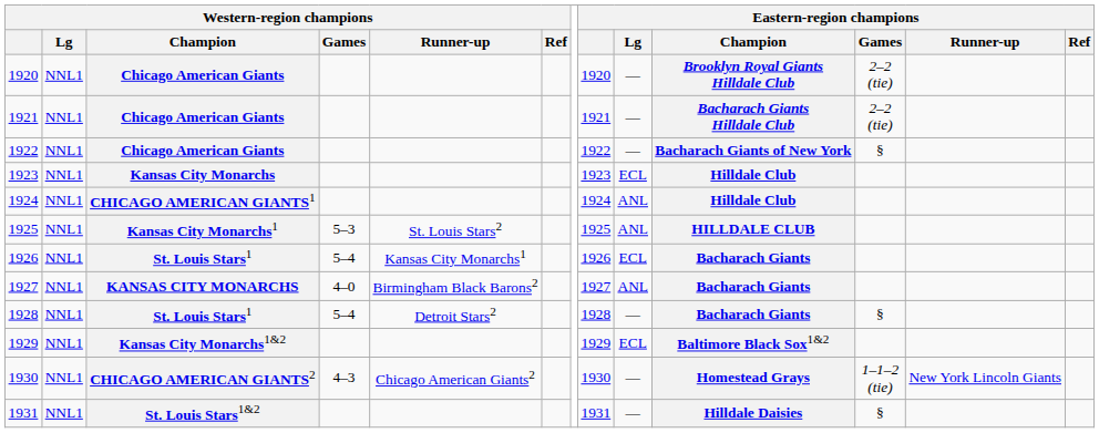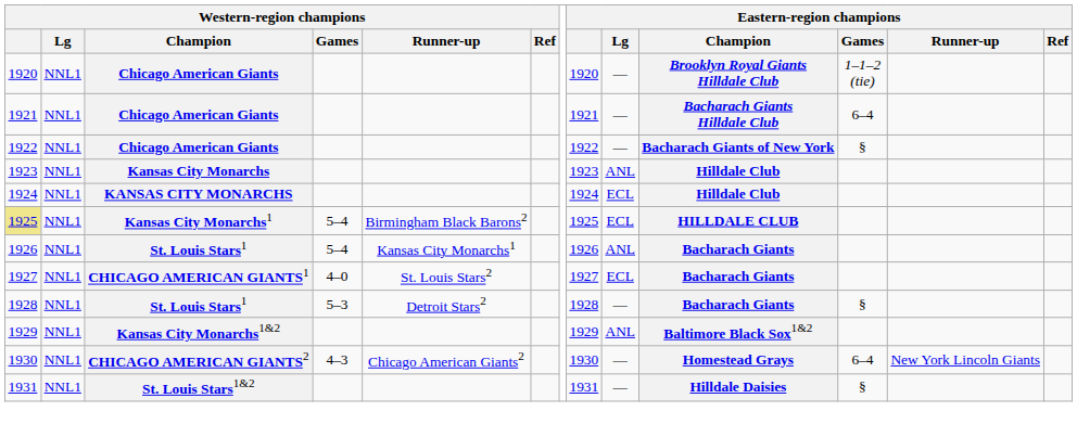 <table class="wikitable" style="text-align:center; font-size:90%;">
 <tr>
 <th colspan="6">Western-region champions</th>
 <th rowspan="14" style="background: #ffffff;"></th>
 <th colspan="6">Eastern-region champions</th>
 </tr>
 <tr>
 <th></th>
 <th>Lg</th>
 <th>Champion</th>
 <th>Games</th>
 <th>Runner-up</th>
 <th>Ref</th>
 <th></th>
 <th>Lg</th>
 <th>Champion</th>
 <th>Games</th>
 <th>Runner-up</th>
 <th>Ref</th>
 </tr>
 <tr>
 <td><a href='#'>1920</a></td>
 <td><a href='#'>NNL1</a></td>
 <td bgcolor=#f2f2f2><strong><a href='#'>Chicago American Giants</a></strong></td>
 <td></td>
 <td></td>
 <td></td>
 <td><a href='#'>1920</a></td>
 <td>—</td>
 <td bgcolor=#f2f2f2><strong><em><a href='#'>Brooklyn Royal Giants</a></em></strong><br><strong><em><a href='#'>Hilldale Club</a></em></strong></td>
-<td><em>2–2</em><br><em>(tie)</em></td>
+<td><em>1–1–2</em><br><em>(tie)</em></td>
 <td></td>
 <td></td>
 </tr>
 <tr>
 <td><a href='#'>1921</a></td>
 <td><a href='#'>NNL1</a></td>
 <td bgcolor=#f2f2f2><strong><a href='#'>Chicago American Giants</a></strong></td>
 <td></td>
 <td></td>
 <td></td>
 <td><a href='#'>1921</a></td>
 <td>—</td>
 <td bgcolor=#f2f2f2><strong><em><a href='#'>Bacharach Giants</a></em></strong><br><strong><em><a href='#'>Hilldale Club</a></em></strong></td>
-<td><em>2–2</em><br><em>(tie)</em></td>
+<td>6–4</td>
 <td></td>
 <td></td>
 </tr>
 <tr>
 <td><a href='#'>1922</a></td>
 <td><a href='#'>NNL1</a></td>
 <td bgcolor=#f2f2f2><span><strong><a href='#'>Chicago American Giants</a></strong></span></td>
 <td></td>
 <td></td>
 <td></td>
 <td><a href='#'>1922</a></td>
 <td>—</td>
 <td bgcolor=#f2f2f2><span><strong><a href='#'>Bacharach Giants of New York</a></strong></span></td>
 <td>§</td>
 <td></td>
 <td></td>
 </tr>
 <tr>
 <td><a href='#'>1923</a></td>
 <td><a href='#'>NNL1</a></td>
 <td bgcolor=#f2f2f2><strong><a href='#'>Kansas City Monarchs</a></strong></td>
 <td></td>
 <td></td>
 <td></td>
 <td><a href='#'>1923</a></td>
-<td><a href='#'>ECL</a></td>
+<td><a href='#'>ANL</a></td>
 <td bgcolor=#f2f2f2><strong><a href='#'>Hilldale Club</a></strong></td>
 <td></td>
 <td></td>
 <td></td>
 </tr>
 <tr>
 <td><a href='#'>1924</a></td>
 <td><a href='#'>NNL1</a></td>
-<td bgcolor=#f2f2f2><span><strong><a href='#'>CHICAGO AMERICAN GIANTS</a></strong></span><sup>1</sup></td>
+<td bgcolor=#f2f2f2><span><strong><a href='#'>KANSAS CITY MONARCHS</a></strong></span></td>
 <td></td>
 <td></td>
 <td></td>
 <td><a href='#'>1924</a></td>
-<td><a href='#'>ANL</a></td>
+<td><a href='#'>ECL</a></td>
 <td bgcolor=#f2f2f2><span><strong><a href='#'>Hilldale Club</a></strong></span></td>
 <td></td>
 <td></td>
 <td></td>
 </tr>
 <tr>
-<td><a href='#'>1925</a></td>
+<td style="background: khaki;"><a href='#'>1925</a></td>
 <td><a href='#'>NNL1</a></td>
 <td bgcolor=#f2f2f2><span><strong><a href='#'>Kansas City Monarchs</a></strong></span><sup>1</sup></td>
-<td>5–3</td>
-<td><a href='#'>St. Louis Stars</a><sup>2</sup></td>
+<td>5–4</td>
+<td><a href='#'>Birmingham Black Barons</a><sup>2</sup></td>
 <td></td>
 <td><a href='#'>1925</a></td>
-<td><a href='#'>ANL</a></td>
+<td><a href='#'>ECL</a></td>
 <td bgcolor=#f2f2f2><span><strong><a href='#'>HILLDALE CLUB</a></strong></span></td>
 <td></td>
 <td></td>
 <td></td>
 </tr>
 <tr>
 <td><a href='#'>1926</a></td>
 <td><a href='#'>NNL1</a></td>
 <td bgcolor=#f2f2f2><strong><a href='#'>St. Louis Stars</a></strong><sup>1</sup></td>
 <td>5–4</td>
 <td><a href='#'>Kansas City Monarchs</a><sup>1</sup></td>
 <td></td>
 <td><a href='#'>1926</a></td>
-<td><a href='#'>ECL</a></td>
+<td><a href='#'>ANL</a></td>
 <td bgcolor=#f2f2f2><span><strong><a href='#'>Bacharach Giants</a></strong></span></td>
 <td></td>
 <td></td>
 <td></td>
 </tr>
 <tr>
 <td><a href='#'>1927</a></td>
 <td><a href='#'>NNL1</a></td>
-<td bgcolor=#f2f2f2><span><strong><a href='#'>KANSAS CITY MONARCHS</a></strong></span></td>
+<td bgcolor=#f2f2f2><span><strong><a href='#'>CHICAGO AMERICAN GIANTS</a></strong></span><sup>1</sup></td>
 <td>4–0</td>
-<td><a href='#'>Birmingham Black Barons</a><sup>2</sup></td>
+<td><a href='#'>St. Louis Stars</a><sup>2</sup></td>
 <td></td>
 <td><a href='#'>1927</a></td>
-<td><a href='#'>ANL</a></td>
+<td><a href='#'>ECL</a></td>
 <td bgcolor=#f2f2f2><span><strong><a href='#'>Bacharach Giants</a></strong></span></td>
 <td></td>
 <td></td>
 <td></td>
 </tr>
 <tr>
 <td><a href='#'>1928</a></td>
 <td><a href='#'>NNL1</a></td>
 <td bgcolor=#f2f2f2><strong><a href='#'>St. Louis Stars</a></strong><sup>1</sup></td>
-<td>5–4</td>
+<td>5–3</td>
 <td><a href='#'>Detroit Stars</a><sup>2</sup></td>
 <td></td>
 <td><a href='#'>1928</a></td>
 <td>—</td>
 <td bgcolor=#f2f2f2><strong><a href='#'>Bacharach Giants</a></strong></td>
 <td>§</td>
 <td></td>
 <td></td>
 </tr>
 <tr>
 <td><a href='#'>1929</a></td>
 <td><a href='#'>NNL1</a></td>
 <td bgcolor=#f2f2f2><strong><a href='#'>Kansas City Monarchs</a></strong><sup>1&2</sup></td>
 <td></td>
 <td></td>
 <td></td>
 <td><a href='#'>1929</a></td>
-<td><a href='#'>ECL</a></td>
+<td><a href='#'>ANL</a></td>
 <td bgcolor=#f2f2f2><strong><a href='#'>Baltimore Black Sox</a></strong><sup>1&2</sup></td>
 <td></td>
 <td></td>
 <td></td>
 </tr>
 <tr>
 <td><a href='#'>1930</a></td>
 <td><a href='#'>NNL1</a></td>
 <td bgcolor=#f2f2f2><span><strong><a href='#'>CHICAGO AMERICAN GIANTS</a></strong></span><sup>2</sup></td>
 <td>4–3</td>
 <td><a href='#'>Chicago American Giants</a><sup>2</sup></td>
 <td></td>
 <td><a href='#'>1930</a></td>
 <td>—</td>
 <td bgcolor=#f2f2f2><strong><a href='#'>Homestead Grays</a></strong></td>
-<td><em>1–1–2</em><br><em>(tie)</em></td>
+<td>6–4</td>
 <td><a href='#'>New York Lincoln Giants</a></td>
 <td></td>
 </tr>
 <tr>
 <td><a href='#'>1931</a></td>
 <td><a href='#'>NNL1</a></td>
 <td bgcolor=#f2f2f2><strong><a href='#'>St. Louis Stars</a></strong><sup>1&2</sup></td>
 <td></td>
 <td></td>
 <td></td>
 <td><a href='#'>1931</a></td>
 <td>—</td>
 <td bgcolor=#f2f2f2><strong><a href='#'>Hilldale Daisies</a></strong></td>
 <td>§</td>
 <td></td>
 <td></td>
 </tr>
 </table>
